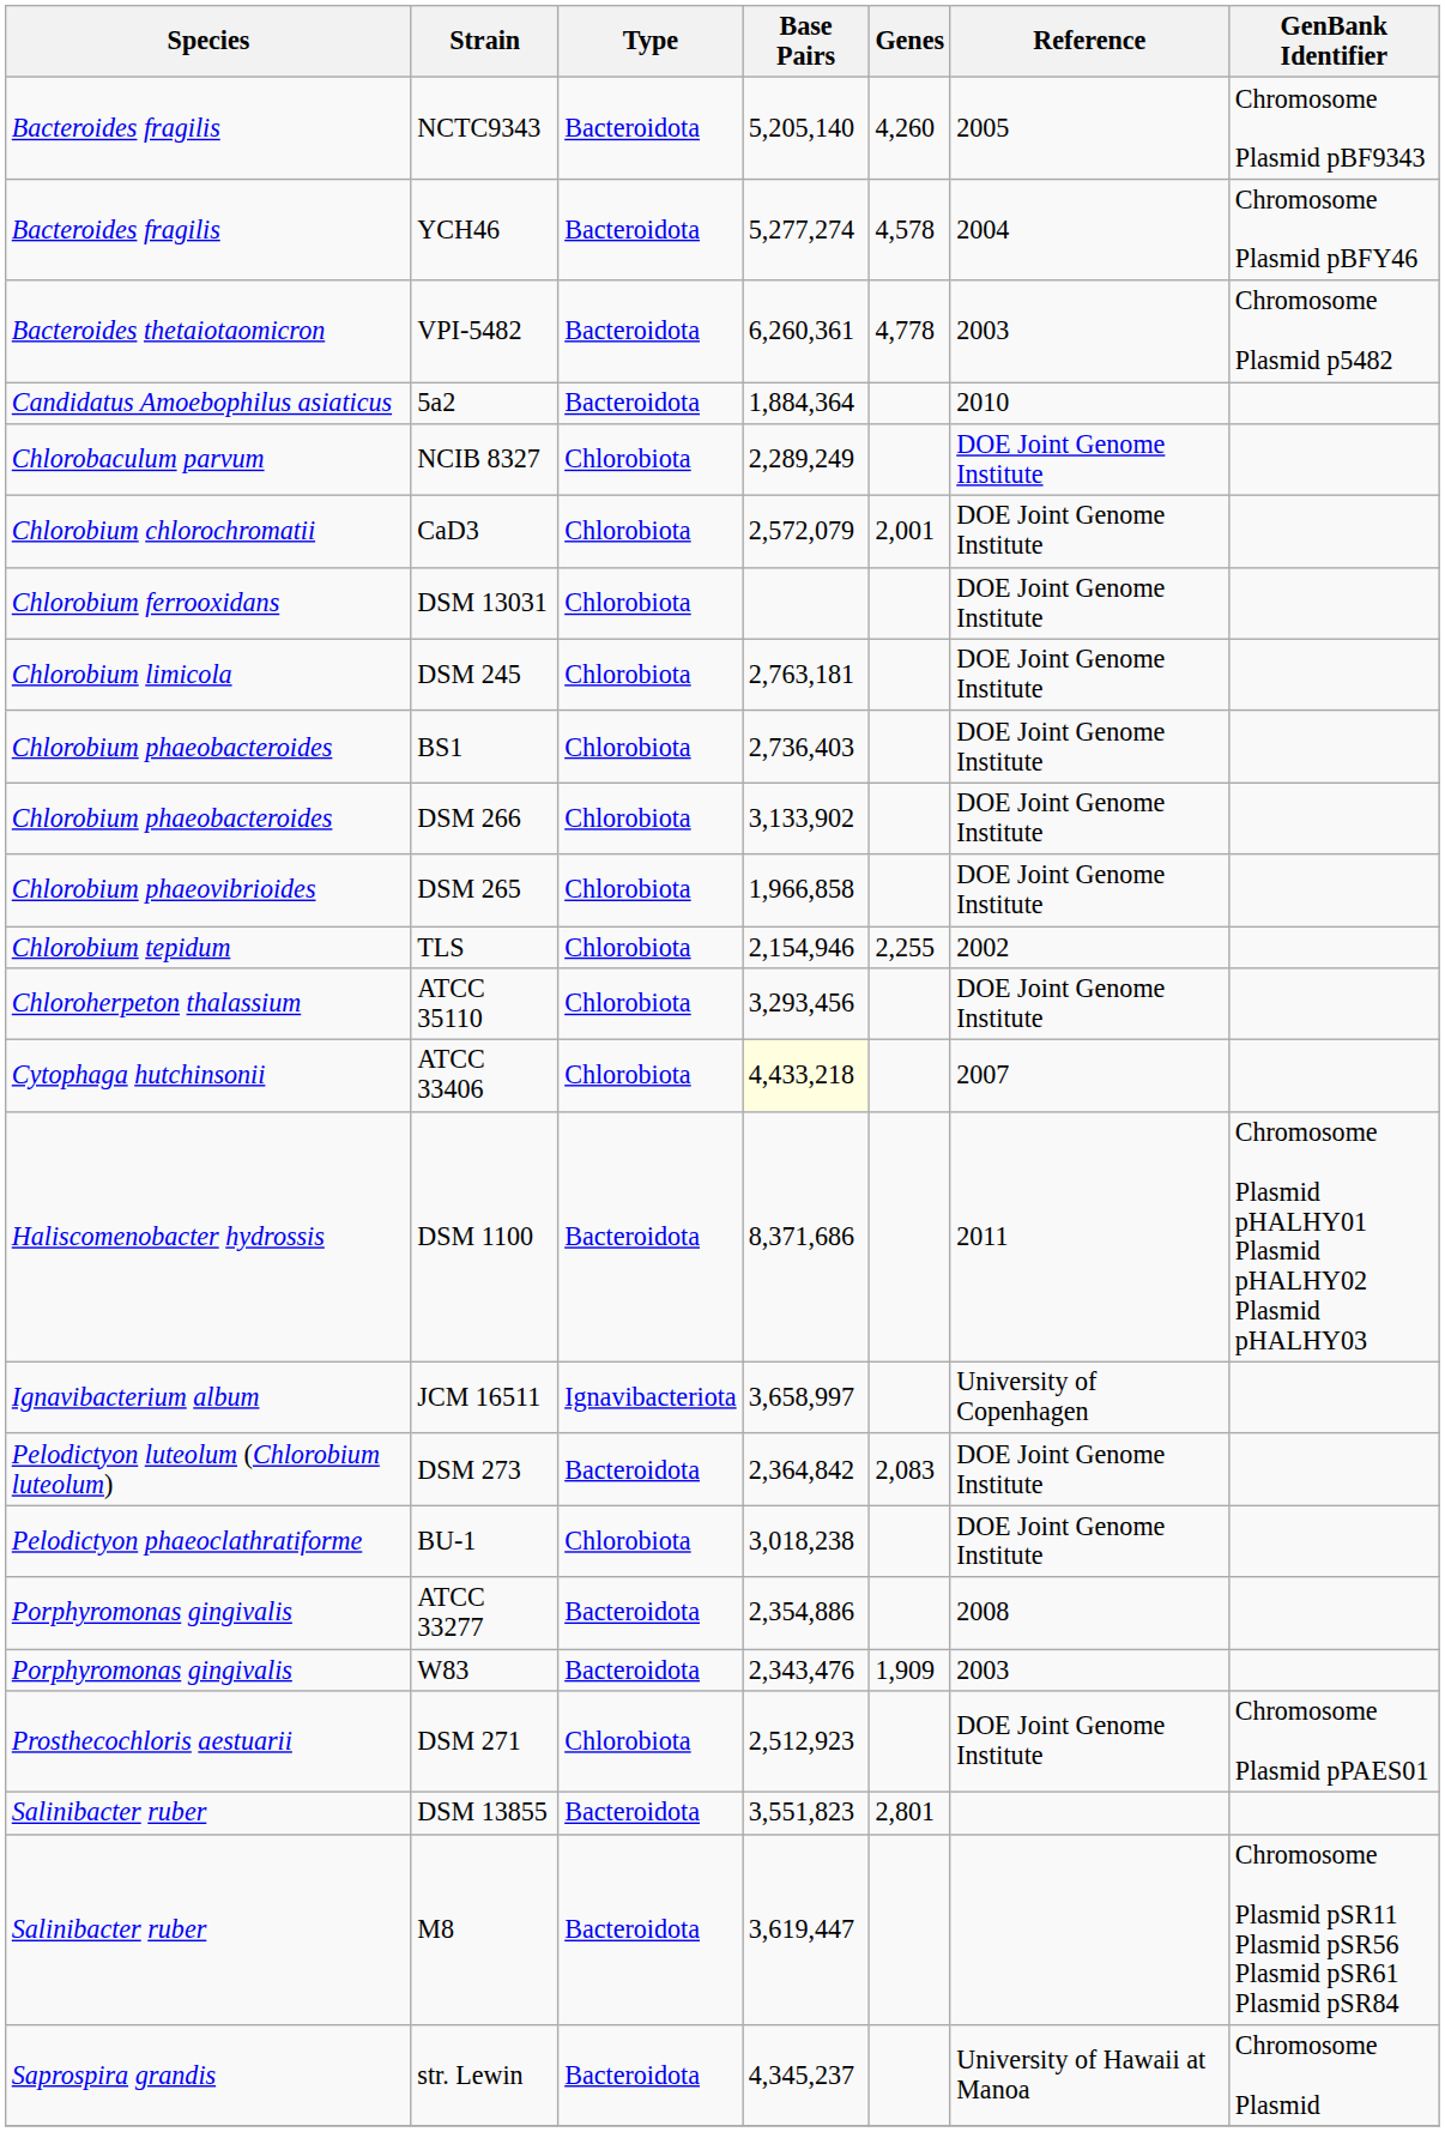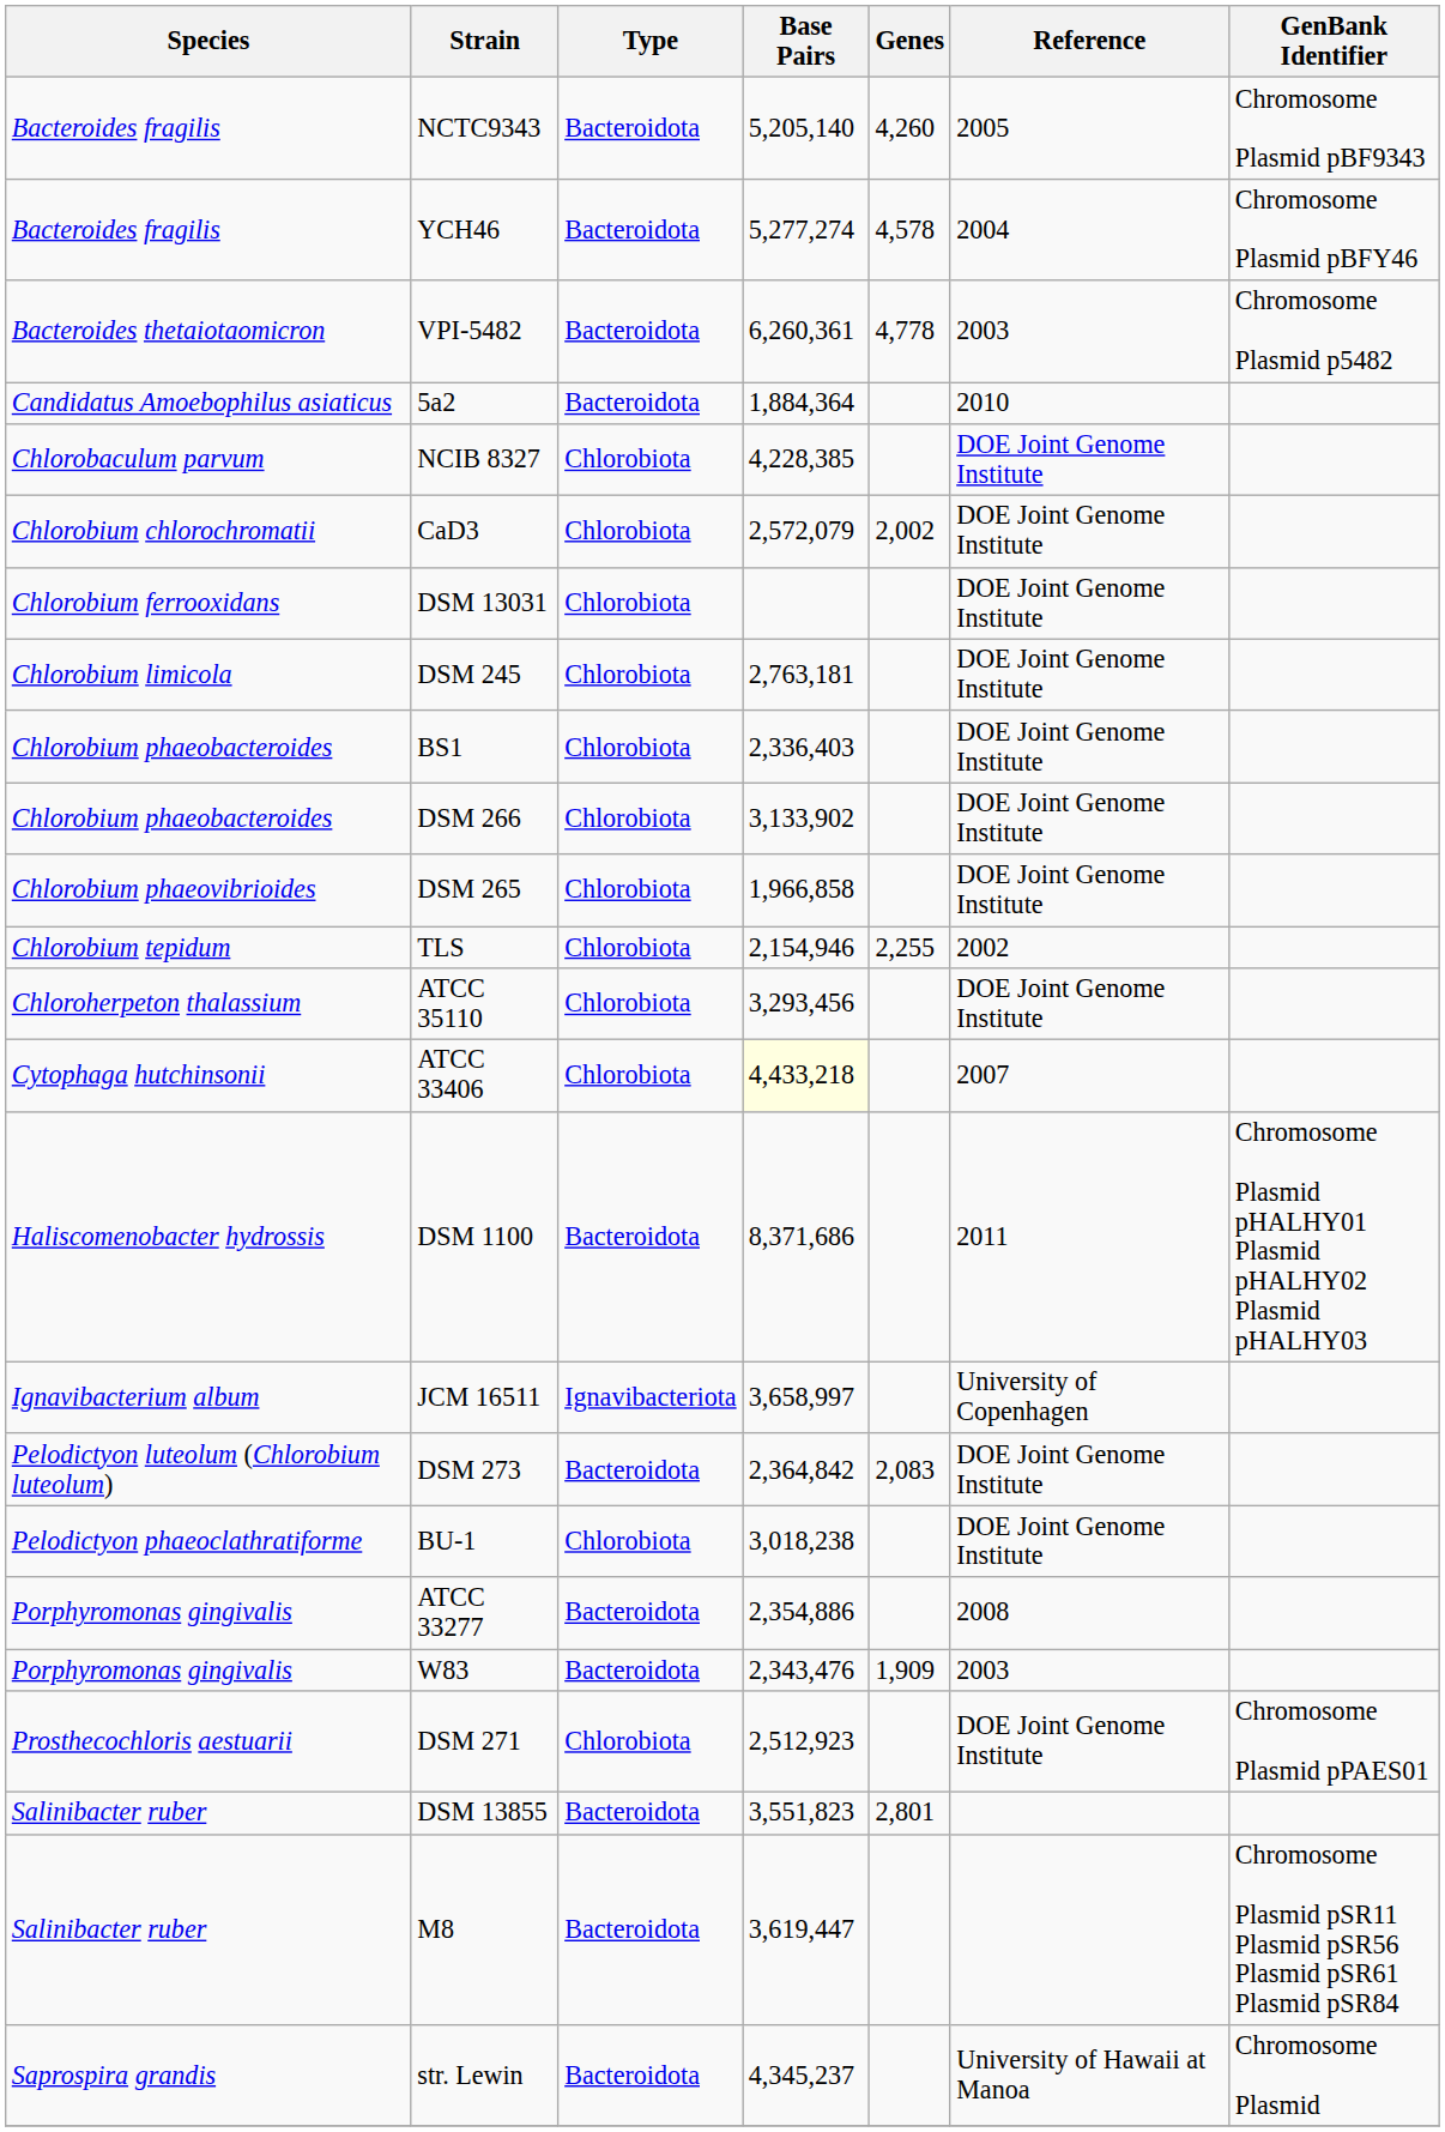 <table class="wikitable sortable">
 <tr>
 <th>Species</th>
 <th>Strain</th>
 <th>Type</th>
 <th>Base Pairs</th>
 <th>Genes</th>
 <th>Reference</th>
 <th>GenBank Identifier</th>
 </tr>
 <tr>
 <td><em><a href='#'>Bacteroides</a></em> <em><a href='#'>fragilis</a></em></td>
 <td>NCTC9343</td>
 <td><a href='#'>Bacteroidota</a></td>
 <td>5,205,140</td>
 <td>4,260</td>
 <td>2005</td>
 <td>Chromosome <br><br>Plasmid pBF9343 </td>
 </tr>
 <tr>
 <td><em><a href='#'>Bacteroides</a></em> <em><a href='#'>fragilis</a></em></td>
 <td>YCH46</td>
 <td><a href='#'>Bacteroidota</a></td>
 <td>5,277,274</td>
 <td>4,578</td>
 <td>2004</td>
 <td>Chromosome <br><br>Plasmid pBFY46 </td>
 </tr>
 <tr>
 <td><em><a href='#'>Bacteroides</a></em> <em><a href='#'>thetaiotaomicron</a></em></td>
 <td>VPI-5482</td>
 <td><a href='#'>Bacteroidota</a></td>
 <td>6,260,361</td>
 <td>4,778</td>
 <td>2003</td>
 <td>Chromosome <br><br>Plasmid p5482 </td>
 </tr>
 <tr>
 <td><em><a href='#'>Candidatus Amoebophilus asiaticus</a></em></td>
 <td>5a2</td>
 <td><a href='#'>Bacteroidota</a></td>
 <td>1,884,364</td>
 <td></td>
 <td>2010</td>
 <td></td>
 </tr>
 <tr>
 <td><em><a href='#'>Chlorobaculum</a></em> <em><a href='#'>parvum</a></em></td>
 <td>NCIB 8327</td>
 <td><a href='#'>Chlorobiota</a></td>
-<td>2,289,249</td>
+<td>4,228,385</td>
 <td></td>
 <td><a href='#'>DOE Joint Genome Institute</a></td>
 <td></td>
 </tr>
 <tr>
 <td><em><a href='#'>Chlorobium</a></em> <em><a href='#'>chlorochromatii</a></em></td>
 <td>CaD3</td>
 <td><a href='#'>Chlorobiota</a></td>
 <td>2,572,079</td>
-<td>2,001</td>
+<td>2,002</td>
 <td>DOE Joint Genome Institute</td>
 <td></td>
 </tr>
 <tr>
 <td><em><a href='#'>Chlorobium</a></em> <em><a href='#'>ferrooxidans</a></em></td>
 <td>DSM 13031</td>
 <td><a href='#'>Chlorobiota</a></td>
 <td></td>
 <td></td>
 <td>DOE Joint Genome Institute</td>
 <td></td>
 </tr>
 <tr>
 <td><em><a href='#'>Chlorobium</a></em> <em><a href='#'>limicola</a></em></td>
 <td>DSM 245</td>
 <td><a href='#'>Chlorobiota</a></td>
 <td>2,763,181</td>
 <td></td>
 <td>DOE Joint Genome Institute</td>
 <td></td>
 </tr>
 <tr>
 <td><em><a href='#'>Chlorobium</a></em> <em><a href='#'>phaeobacteroides</a></em></td>
 <td>BS1</td>
 <td><a href='#'>Chlorobiota</a></td>
-<td>2,736,403</td>
+<td>2,336,403</td>
 <td></td>
 <td>DOE Joint Genome Institute</td>
 <td></td>
 </tr>
 <tr>
 <td><em><a href='#'>Chlorobium</a></em> <em><a href='#'>phaeobacteroides</a></em></td>
 <td>DSM 266</td>
 <td><a href='#'>Chlorobiota</a></td>
 <td>3,133,902</td>
 <td></td>
 <td>DOE Joint Genome Institute</td>
 <td></td>
 </tr>
 <tr>
 <td><em><a href='#'>Chlorobium</a></em> <em><a href='#'>phaeovibrioides</a></em></td>
 <td>DSM 265</td>
 <td><a href='#'>Chlorobiota</a></td>
 <td>1,966,858</td>
 <td></td>
 <td>DOE Joint Genome Institute</td>
 <td></td>
 </tr>
 <tr>
 <td><em><a href='#'>Chlorobium</a></em> <em><a href='#'>tepidum</a></em></td>
 <td>TLS</td>
 <td><a href='#'>Chlorobiota</a></td>
 <td>2,154,946</td>
 <td>2,255</td>
 <td>2002</td>
 <td></td>
 </tr>
 <tr>
 <td><em><a href='#'>Chloroherpeton</a></em> <em><a href='#'>thalassium</a></em></td>
 <td>ATCC 35110</td>
 <td><a href='#'>Chlorobiota</a></td>
 <td>3,293,456</td>
 <td></td>
 <td>DOE Joint Genome Institute</td>
 <td></td>
 </tr>
 <tr>
 <td><em><a href='#'>Cytophaga</a></em> <em><a href='#'>hutchinsonii</a></em></td>
 <td>ATCC 33406</td>
 <td><a href='#'>Chlorobiota</a></td>
 <td style="background: lightyellow;">4,433,218</td>
 <td></td>
 <td>2007</td>
 <td></td>
 </tr>
 <tr>
 <td><em><a href='#'>Haliscomenobacter</a></em> <em><a href='#'>hydrossis</a></em></td>
 <td>DSM 1100</td>
 <td><a href='#'>Bacteroidota</a></td>
 <td>8,371,686</td>
 <td></td>
 <td>2011</td>
 <td>Chromosome <br><br>Plasmid pHALHY01 <br> Plasmid pHALHY02 <br> Plasmid pHALHY03 </td>
 </tr>
 <tr>
 <td><em><a href='#'>Ignavibacterium</a></em> <em><a href='#'>album</a></em></td>
 <td>JCM 16511</td>
 <td><a href='#'>Ignavibacteriota</a></td>
 <td>3,658,997</td>
 <td></td>
 <td>University of Copenhagen</td>
 <td></td>
 </tr>
 <tr>
 <td><em><a href='#'>Pelodictyon</a></em> <em><a href='#'>luteolum</a></em> (<em><a href='#'>Chlorobium luteolum</a></em>)</td>
 <td>DSM 273</td>
 <td><a href='#'>Bacteroidota</a></td>
 <td>2,364,842</td>
 <td>2,083</td>
 <td>DOE Joint Genome Institute</td>
 <td></td>
 </tr>
 <tr>
 <td><em><a href='#'>Pelodictyon</a></em> <em><a href='#'>phaeoclathratiforme</a></em></td>
 <td>BU-1</td>
 <td><a href='#'>Chlorobiota</a></td>
 <td>3,018,238</td>
 <td></td>
 <td>DOE Joint Genome Institute</td>
 <td></td>
 </tr>
 <tr>
 <td><em><a href='#'>Porphyromonas</a></em> <em><a href='#'>gingivalis</a></em></td>
 <td>ATCC 33277</td>
 <td><a href='#'>Bacteroidota</a></td>
 <td>2,354,886</td>
 <td></td>
 <td>2008</td>
 <td></td>
 </tr>
 <tr>
 <td><em><a href='#'>Porphyromonas</a></em> <em><a href='#'>gingivalis</a></em></td>
 <td>W83</td>
 <td><a href='#'>Bacteroidota</a></td>
 <td>2,343,476</td>
 <td>1,909</td>
 <td>2003</td>
 <td></td>
 </tr>
 <tr>
 <td><em><a href='#'>Prosthecochloris</a></em> <em><a href='#'>aestuarii</a></em></td>
 <td>DSM 271</td>
 <td><a href='#'>Chlorobiota</a></td>
 <td>2,512,923</td>
 <td></td>
 <td>DOE Joint Genome Institute</td>
 <td>Chromosome <br><br>Plasmid pPAES01 </td>
 </tr>
 <tr>
 <td><em><a href='#'>Salinibacter</a></em> <em><a href='#'>ruber</a></em></td>
 <td>DSM 13855</td>
 <td><a href='#'>Bacteroidota</a></td>
 <td>3,551,823</td>
 <td>2,801</td>
 <td></td>
 <td></td>
 </tr>
 <tr>
 <td><em><a href='#'>Salinibacter</a></em> <em><a href='#'>ruber</a></em></td>
 <td>M8</td>
 <td><a href='#'>Bacteroidota</a></td>
 <td>3,619,447</td>
 <td></td>
 <td></td>
 <td>Chromosome <br><br>Plasmid pSR11 <br> Plasmid pSR56 <br> Plasmid pSR61 <br> Plasmid pSR84 </td>
 </tr>
 <tr>
 <td><em><a href='#'>Saprospira</a></em> <em><a href='#'>grandis</a></em></td>
 <td>str. Lewin</td>
 <td><a href='#'>Bacteroidota</a></td>
 <td>4,345,237</td>
 <td></td>
 <td>University of Hawaii at Manoa</td>
 <td>Chromosome <br><br>Plasmid </td>
 </tr>
 <tr>
 </tr>
 </table>
